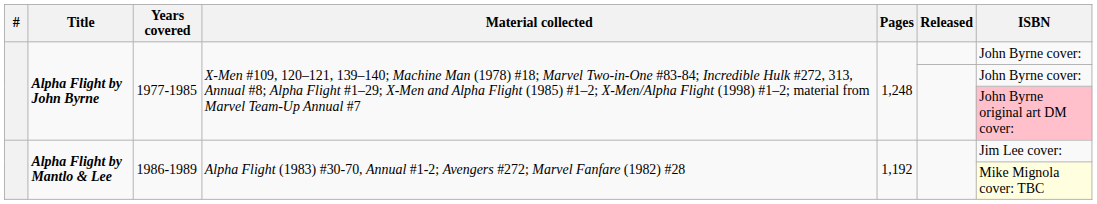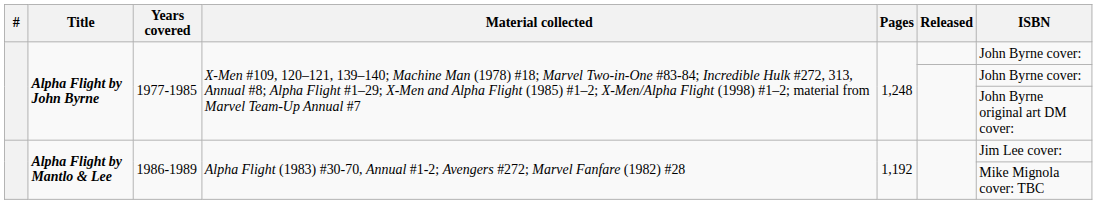 <table class="wikitable sortable" width="99%">
 <tr>
 <th class="unsortable" width="20px">#</th>
 <th>Title</th>
 <th>Years covered</th>
 <th class="unsortable">Material collected</th>
 <th>Pages</th>
 <th>Released</th>
 <th class="unsortable">ISBN</th>
 </tr>
 <tr>
 <th rowspan=3 style="background-color: light grey;"></th>
 <td rowspan=3><strong><em>Alpha Flight by John Byrne</em></strong></td>
 <td rowspan=3>1977-1985</td>
 <td rowspan=3><em>X-Men</em> #109, 120–121, 139–140; <em>Machine Man</em> (1978) #18; <em>Marvel Two-in-One</em> #83-84; <em>Incredible Hulk</em> #272, 313, <em>Annual</em> #8; <em>Alpha Flight</em> #1–29; <em>X-Men and Alpha Flight</em> (1985) #1–2; <em>X-Men/Alpha Flight</em> (1998) #1–2; material from <em>Marvel Team-Up Annual</em> #7</td>
 <td rowspan=3 style="text-align: center;">1,248</td>
 <td></td>
 <td>John Byrne cover: </td>
 </tr>
 <tr>
 <td rowspan=2></td>
 <td>John Byrne cover: </td>
 </tr>
 <tr>
-<td style="background: pink;">John Byrne original art DM cover: </td>
+<td>John Byrne original art DM cover: </td>
 </tr>
 <tr>
 <th rowspan=2 style="background-color: light grey;"></th>
 <td rowspan=2><strong><em>Alpha Flight by Mantlo & Lee</em></strong></td>
 <td rowspan=2>1986-1989</td>
 <td rowspan=2><em>Alpha Flight</em> (1983) #30-70, <em>Annual</em> #1-2; <em>Avengers</em> #272; <em>Marvel Fanfare</em> (1982) #28</td>
 <td rowspan=2 style="text-align: center;">1,192</td>
 <td rowspan=2></td>
 <td>Jim Lee cover: </td>
 </tr>
 <tr>
-<td style="background: lightyellow;">Mike Mignola cover: TBC</td>
+<td>Mike Mignola cover: TBC</td>
 </tr>
 </table>
